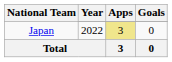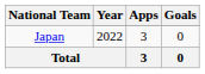 <table class="wikitable" style="text-align:center">
 <tr>
 <th>National Team</th>
 <th>Year</th>
 <th>Apps</th>
 <th>Goals</th>
 </tr>
 <tr>
 <td rowspan="2"><a href='#'>Japan</a></td>
 </tr>
 <tr>
 <td>2022</td>
-<td style="background: khaki;">3</td>
+<td>3</td>
 <td>0</td>
 </tr>
 <tr>
 <th colspan="2">Total</th>
 <th>3</th>
 <th>0</th>
 </tr>
 </table>
